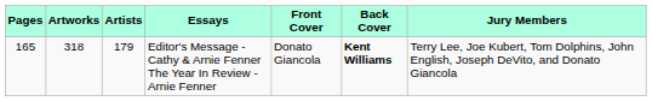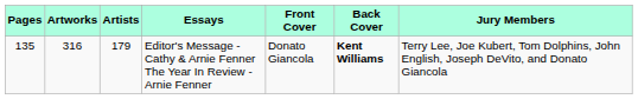 <table class="wikitable">
 <tr>
 <th style="background:#acffdf">Pages</th>
 <th style="background:#acffdf">Artworks</th>
 <th style="background:#acffdf">Artists</th>
 <th style="background:#acffdf">Essays</th>
 <th style="background:#acffdf">Front Cover</th>
 <th style="background:#acffdf">Back Cover</th>
 <th style="background:#acffdf">Jury Members</th>
 </tr>
 <tr valign="top">
-<td align="center">165</td>
-<td align="center">318</td>
+<td align="center">135</td>
+<td align="center">316</td>
 <td align="center">179</td>
 <td>Editor's Message - Cathy & Arnie Fenner<br>The Year In Review - Arnie Fenner</td>
 <td>Donato Giancola</td>
 <td><strong>Kent Williams</strong></td>
 <td>Terry Lee, Joe Kubert, Tom Dolphins, John English, Joseph DeVito, and Donato Giancola</td>
 </tr>
 </table>
